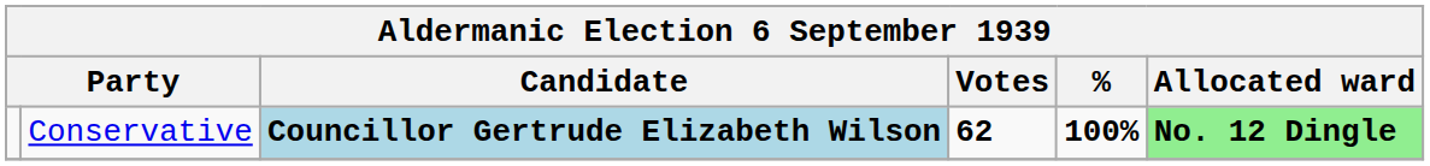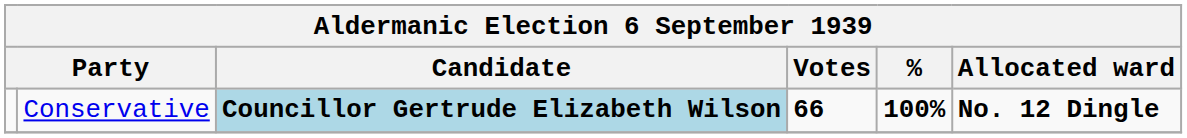 <table class="wikitable">
 <tr>
 <th colspan="6"><strong>Aldermanic Election 6 September 1939</strong></th>
 </tr>
 <tr>
 <th colspan="2">Party</th>
 <th>Candidate</th>
 <th>Votes</th>
 <th>%</th>
 <th>Allocated ward</th>
 </tr>
 <tr>
 <td style="background-color:"></td>
 <td><a href='#'>Conservative</a></td>
 <td style="background: lightblue;"><strong>Councillor Gertrude Elizabeth Wilson</strong></td>
-<td><strong>62</strong></td>
+<td><strong>66</strong></td>
 <td><strong>100%</strong></td>
-<td style="background: lightgreen;"><strong>No. 12 Dingle</strong></td>
+<td><strong>No. 12 Dingle</strong></td>
 </tr>
 <tr>
 </tr>
 </table>
